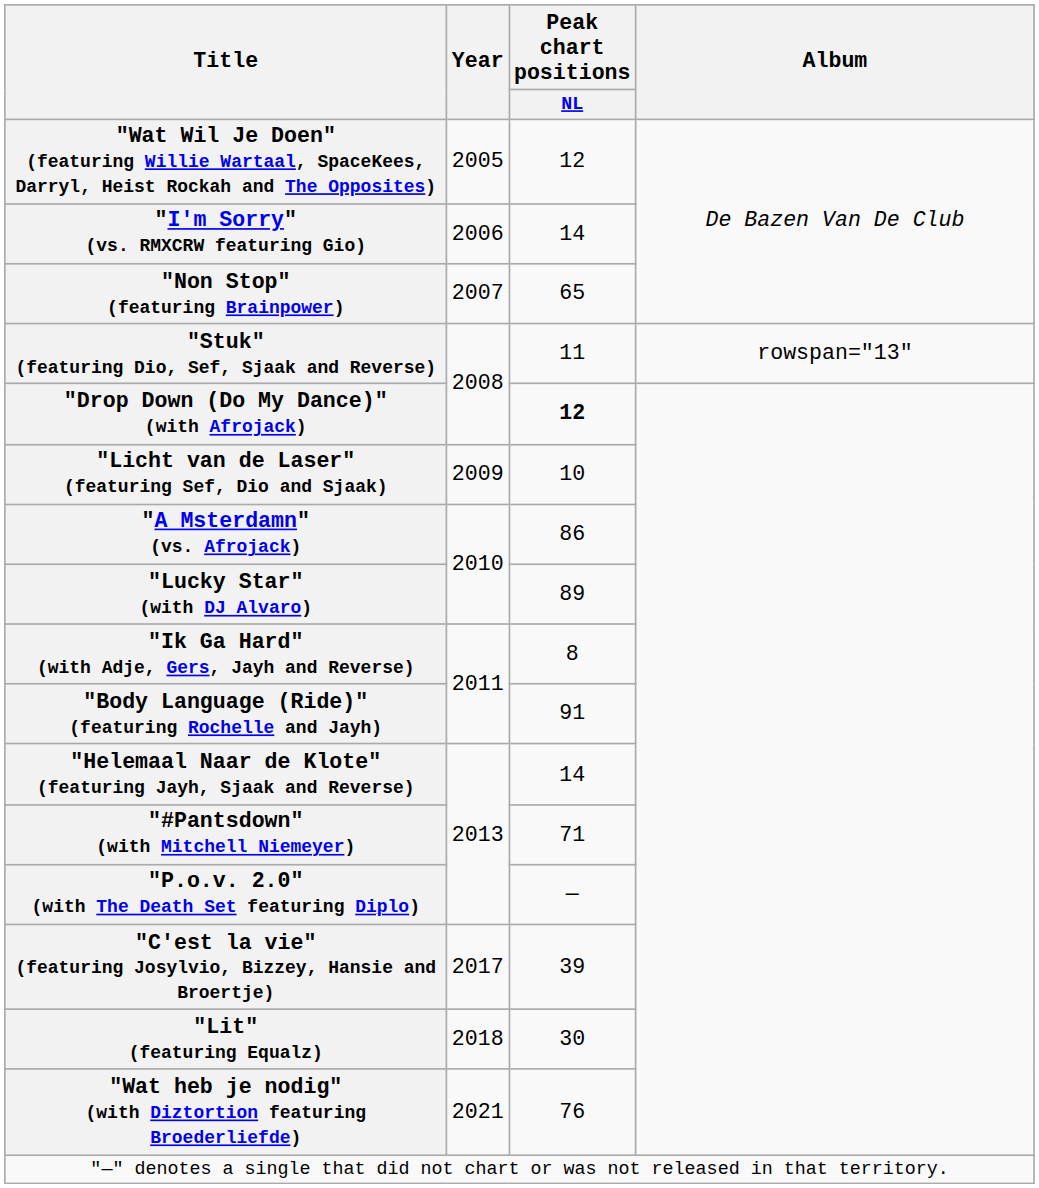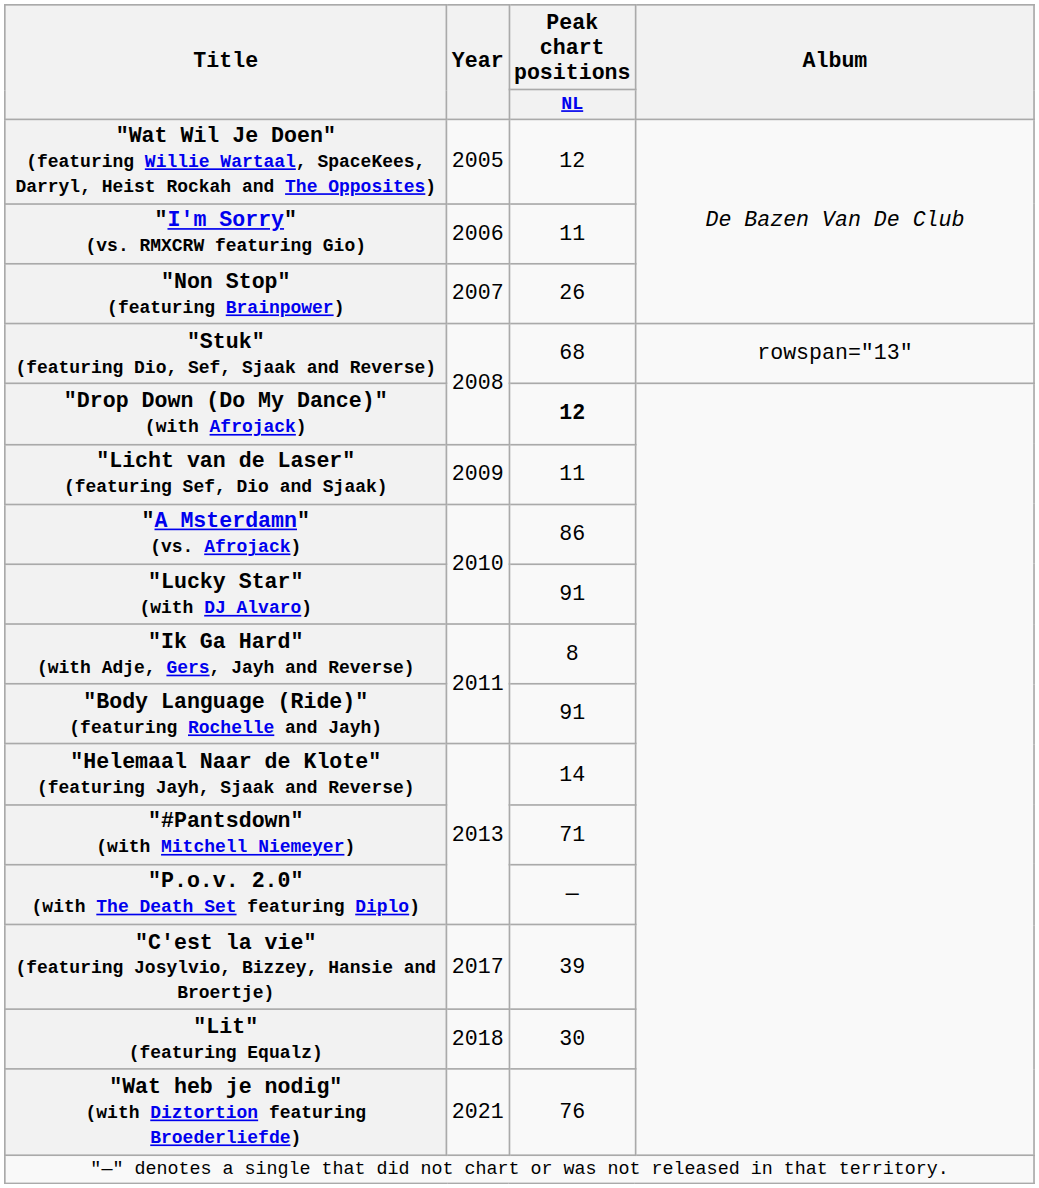 <table class="wikitable plainrowheaders" style="text-align:center;" border="1">
 <tr>
 <th scope="col" rowspan="2" style="width:20em;">Title</th>
 <th scope="col" rowspan="2" style="width:1em;">Year</th>
 <th scope="col" colspan="1">Peak chart positions</th>
 <th scope="col" rowspan="2" style="width:18em;">Album</th>
 </tr>
 <tr>
 <th scope="col" style="width:3em; font-size:85%;"><a href='#'>NL</a><br></th>
 </tr>
 <tr>
 <th scope="row">"Wat Wil Je Doen"<br><small>(featuring <a href='#'>Willie Wartaal</a>, SpaceKees, Darryl, Heist Rockah and <a href='#'>The Opposites</a>)</small></th>
 <td>2005</td>
 <td>12</td>
 <td rowspan="3"><em>De Bazen Van De Club</em></td>
 </tr>
 <tr>
 <th scope="row">"<a href='#'>I'm Sorry</a>"<br><small>(vs. RMXCRW featuring Gio)</small></th>
 <td>2006</td>
-<td>14</td>
+<td>11</td>
 </tr>
 <tr>
 <th scope="row">"Non Stop"<br><small>(featuring <a href='#'>Brainpower</a>)</small></th>
 <td>2007</td>
-<td>65</td>
+<td>26</td>
 </tr>
 <tr>
 <th scope="row">"Stuk"<br><small>(featuring Dio, Sef, Sjaak and Reverse)</small></th>
 <td rowspan="2">2008</td>
-<td>11</td>
+<td>68</td>
 <td>rowspan="13" </td>
 </tr>
 <tr>
 <th scope="row">"Drop Down (Do My Dance)"<br><small>(with <a href='#'>Afrojack</a>)</small></th>
 <td><strong>12</strong></td>
 </tr>
 <tr>
 <th scope="row">"Licht van de Laser"<br><small>(featuring Sef, Dio and Sjaak)</small></th>
 <td>2009</td>
-<td>10</td>
+<td>11</td>
 </tr>
 <tr>
 <th scope="row">"<a href='#'>A Msterdamn</a>"<br><small>(vs. <a href='#'>Afrojack</a>)</small></th>
 <td rowspan="2">2010</td>
 <td>86</td>
 </tr>
 <tr>
 <th scope="row">"Lucky Star"<br><small>(with <a href='#'>DJ Alvaro</a>)</small></th>
-<td>89</td>
+<td>91</td>
 </tr>
 <tr>
 <th scope="row">"Ik Ga Hard"<br><small>(with Adje, <a href='#'>Gers</a>, Jayh and Reverse)</small></th>
 <td rowspan="2">2011</td>
 <td>8</td>
 </tr>
 <tr>
 <th scope="row">"Body Language (Ride)"<br><small>(featuring <a href='#'>Rochelle</a> and Jayh)</small></th>
 <td>91</td>
 </tr>
 <tr>
 <th scope="row">"Helemaal Naar de Klote"<br><small>(featuring Jayh, Sjaak and Reverse)</small></th>
 <td rowspan="3">2013</td>
 <td>14</td>
 </tr>
 <tr>
 <th scope="row">"#Pantsdown"<br><small>(with <a href='#'>Mitchell Niemeyer</a>)</small></th>
 <td>71</td>
 </tr>
 <tr>
 <th scope="row">"P.o.v. 2.0"<br><small>(with <a href='#'>The Death Set</a> featuring <a href='#'>Diplo</a>)</small></th>
 <td>—</td>
 </tr>
 <tr>
 <th scope="row">"C'est la vie"<br><small>(featuring Josylvio, Bizzey, Hansie and Broertje)</small></th>
 <td>2017</td>
 <td>39</td>
 </tr>
 <tr>
 <th scope="row">"Lit"<br><small>(featuring Equalz)</small></th>
 <td>2018</td>
 <td>30</td>
 </tr>
 <tr>
 <th scope="row">"Wat heb je nodig"<br><small>(with <a href='#'>Diztortion</a> featuring <a href='#'>Broederliefde</a>)</small></th>
 <td>2021</td>
 <td>76</td>
 </tr>
 <tr>
 <td colspan="4" style="font-size:85%">"—" denotes a single that did not chart or was not released in that territory.</td>
 </tr>
 </table>
